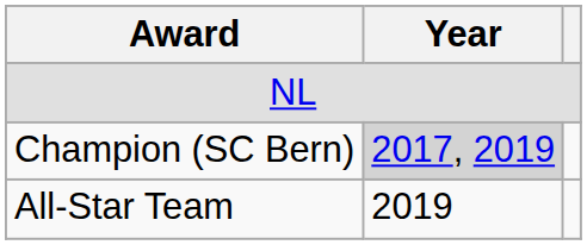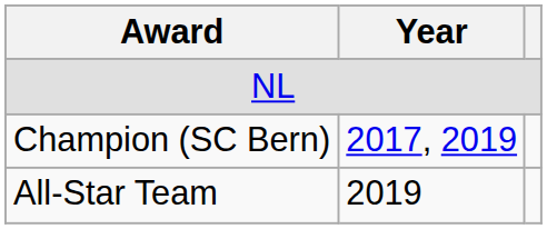 <table class="wikitable">
 <tr>
 <th>Award</th>
 <th>Year</th>
 <th></th>
 </tr>
 <tr ALIGN="center" bgcolor="#e0e0e0">
 <td colspan="3"><a href='#'>NL</a></td>
 </tr>
 <tr>
 <td>Champion (SC Bern)</td>
-<td style="background: lightgrey;"><a href='#'>2017</a>, <a href='#'>2019</a></td>
+<td><a href='#'>2017</a>, <a href='#'>2019</a></td>
 <td></td>
 </tr>
 <tr>
 <td>All-Star Team</td>
 <td>2019</td>
 <td></td>
 </tr>
 </table>
